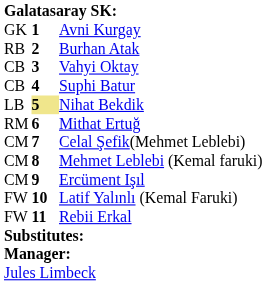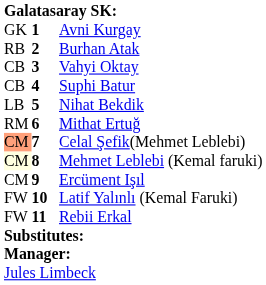 <table style="font-size: 90%" cellspacing="0" cellpadding="0">
 <tr>
 <td colspan="4"><strong>Galatasaray SK:</strong></td>
 </tr>
 <tr>
 <th width="25"></th>
 <th width="25"></th>
 </tr>
 <tr>
 <td>GK</td>
 <td><strong>1</strong></td>
 <td> <a href='#'>Avni Kurgay</a></td>
 </tr>
 <tr>
 <td>RB</td>
 <td><strong>2</strong></td>
 <td> <a href='#'>Burhan Atak</a></td>
 </tr>
 <tr>
 <td>CB</td>
 <td><strong>3</strong></td>
 <td> <a href='#'>Vahyi Oktay</a></td>
 </tr>
 <tr>
 <td>CB</td>
 <td><strong>4</strong></td>
 <td> <a href='#'>Suphi Batur</a></td>
 </tr>
 <tr>
 <td>LB</td>
-<td style="background: khaki;"><strong>5</strong></td>
+<td><strong>5</strong></td>
 <td> <a href='#'>Nihat Bekdik</a></td>
 </tr>
 <tr>
 <td>RM</td>
 <td><strong>6</strong></td>
 <td> <a href='#'>Mithat Ertuğ</a></td>
 </tr>
 <tr>
-<td>CM</td>
+<td style="background: lightsalmon;">CM</td>
 <td><strong>7</strong></td>
 <td> <a href='#'>Celal Şefik</a>(Mehmet Leblebi)</td>
 </tr>
 <tr>
-<td>CM</td>
+<td style="background: lightyellow;">CM</td>
 <td><strong>8</strong></td>
 <td> <a href='#'>Mehmet Leblebi</a> (Kemal faruki)</td>
 </tr>
 <tr>
 <td>CM</td>
 <td><strong>9</strong></td>
 <td> <a href='#'>Ercüment Işıl</a></td>
 </tr>
 <tr>
 <td>FW</td>
 <td><strong>10</strong></td>
 <td> <a href='#'>Latif Yalınlı</a> (Kemal Faruki)</td>
 </tr>
 <tr>
 <td>FW</td>
 <td><strong>11</strong></td>
 <td> <a href='#'>Rebii Erkal</a></td>
 </tr>
 <tr>
 <td colspan=4><strong>Substitutes:</strong></td>
 </tr>
 <tr>
 <td colspan=4><strong>Manager:</strong></td>
 </tr>
 <tr>
 <td colspan="4"> <a href='#'>Jules Limbeck</a></td>
 </tr>
 </table>
